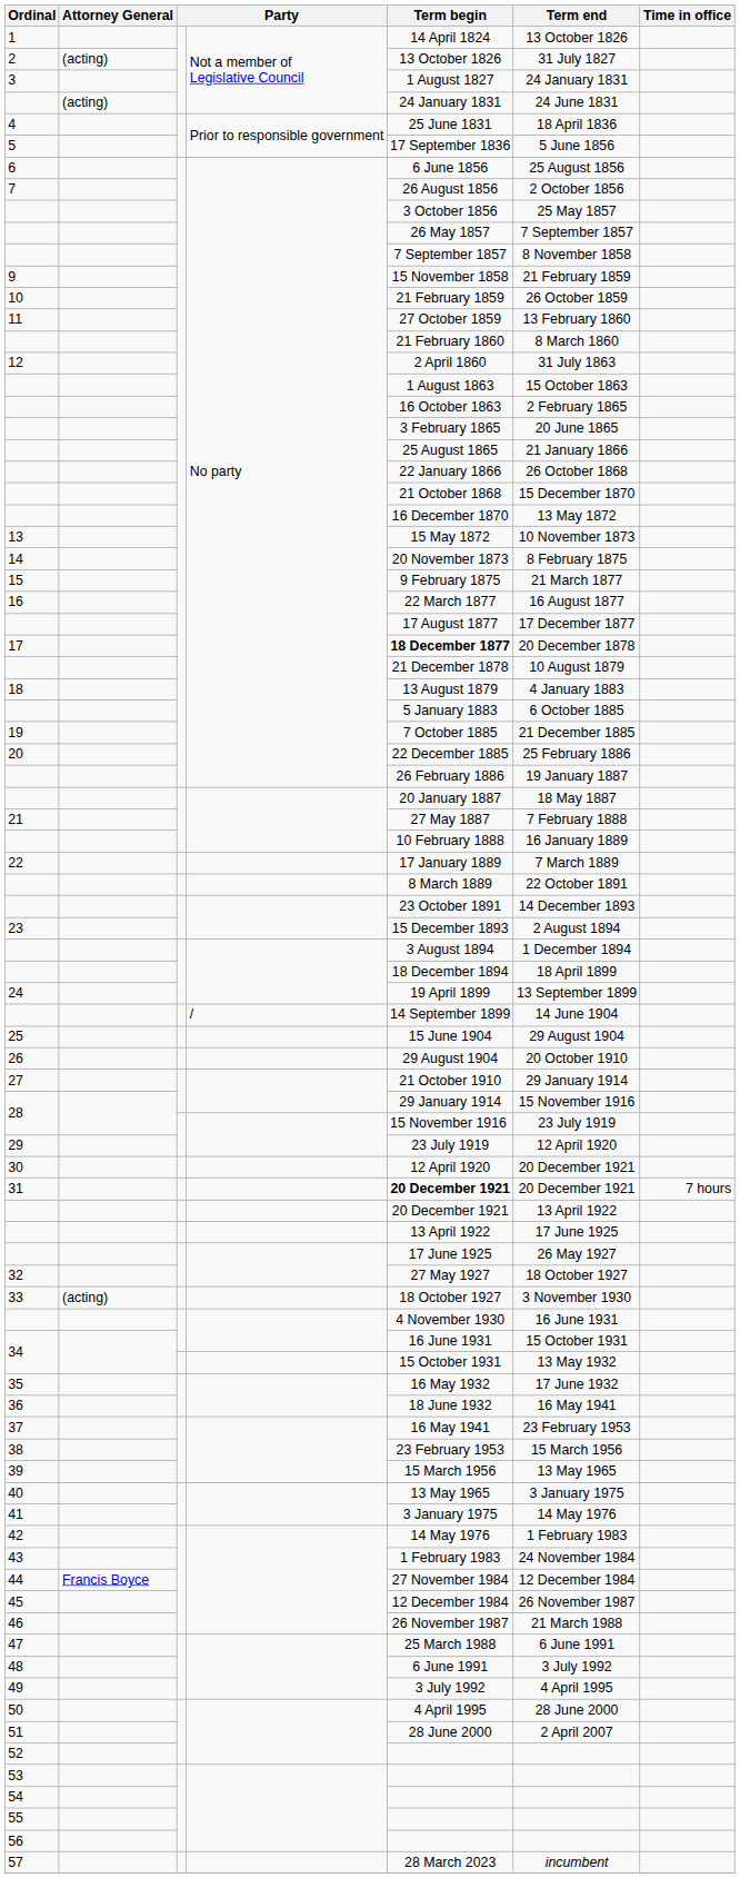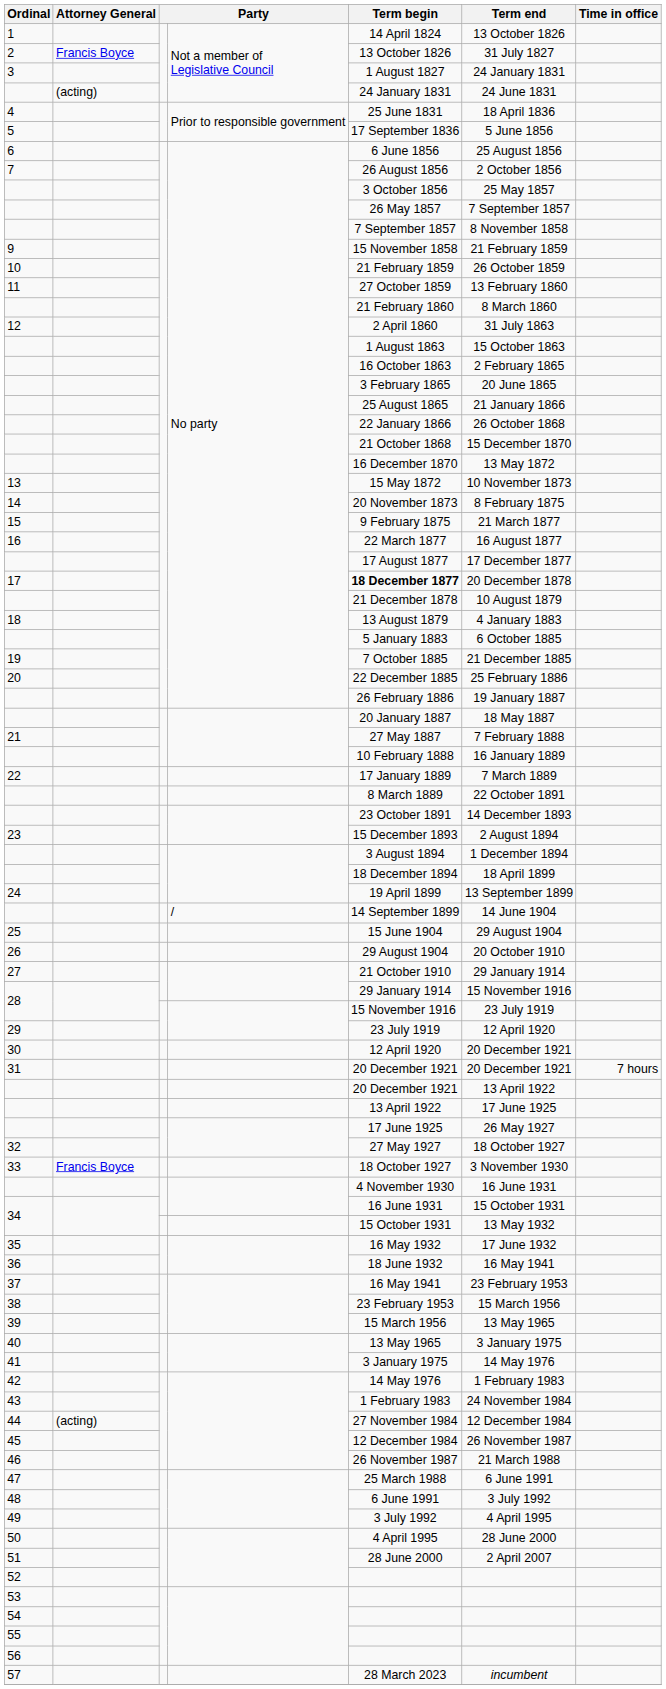 <table class="wikitable sortable">
 <tr>
 <th>Ordinal</th>
 <th>Attorney General</th>
 <th colspan="2">Party</th>
 <th>Term begin</th>
 <th>Term end</th>
 <th>Time in office</th>
 </tr>
 <tr>
 <td>1</td>
 <td></td>
 <td rowspan="4"> </td>
 <td rowspan="4">Not a member of<br><a href='#'>Legislative Council</a></td>
 <td align=center>14 April 1824</td>
 <td align=center>13 October 1826</td>
 <td align=right></td>
 </tr>
 <tr>
 <td>2</td>
-<td> (acting)</td>
+<td><a href='#'>Francis Boyce</a></td>
 <td align=center>13 October 1826</td>
 <td align=center>31 July 1827</td>
 <td align=right></td>
 </tr>
 <tr>
 <td>3</td>
 <td></td>
 <td align=center>1 August 1827</td>
 <td align=center>24 January 1831</td>
 <td align=right></td>
 </tr>
 <tr>
 <td></td>
 <td> (acting)</td>
 <td align=center>24 January 1831</td>
 <td align=center>24 June 1831</td>
 <td align=right></td>
 </tr>
 <tr>
 <td>4</td>
 <td></td>
 <td rowspan="2"> </td>
 <td rowspan="2">Prior to responsible government</td>
 <td align=center>25 June 1831</td>
 <td align=center>18 April 1836</td>
 <td align=right></td>
 </tr>
 <tr>
 <td>5</td>
 <td></td>
 <td align=center>17 September 1836</td>
 <td align=center>5 June 1856</td>
 <td align=right></td>
 </tr>
 <tr>
 <td>6</td>
 <td></td>
 <td rowspan="29"> </td>
 <td rowspan="29">No party</td>
 <td align=center>6 June 1856</td>
 <td align=center>25 August 1856</td>
 <td align=right></td>
 </tr>
 <tr>
 <td>7</td>
 <td></td>
 <td align=center>26 August 1856</td>
 <td align=center>2 October 1856</td>
 <td align=right></td>
 </tr>
 <tr>
 <td></td>
 <td></td>
 <td align=center>3 October 1856</td>
 <td align=center>25 May 1857</td>
 <td align=right></td>
 </tr>
 <tr>
 <td></td>
 <td></td>
 <td align=center>26 May 1857</td>
 <td align=center>7 September 1857</td>
 <td align=right></td>
 </tr>
 <tr>
 <td></td>
 <td> </td>
 <td align=center>7 September 1857</td>
 <td align=center>8 November 1858</td>
 <td align=right></td>
 </tr>
 <tr>
 <td>9</td>
 <td> </td>
 <td align=center>15 November 1858</td>
 <td align=center>21 February 1859</td>
 <td align=right></td>
 </tr>
 <tr>
 <td>10</td>
 <td></td>
 <td align=center>21 February 1859</td>
 <td align=center>26 October 1859</td>
 <td align=right></td>
 </tr>
 <tr>
 <td>11</td>
 <td></td>
 <td align=center>27 October 1859</td>
 <td align=center>13 February 1860</td>
 <td align=right></td>
 </tr>
 <tr>
 <td></td>
 <td> </td>
 <td align=center>21 February 1860</td>
 <td align=center>8 March 1860</td>
 <td align=right></td>
 </tr>
 <tr>
 <td>12</td>
 <td></td>
 <td align=center>2 April 1860</td>
 <td align=center>31 July 1863</td>
 <td align=right></td>
 </tr>
 <tr>
 <td></td>
 <td> </td>
 <td align=center>1 August 1863</td>
 <td align=center>15 October 1863</td>
 <td align=right></td>
 </tr>
 <tr>
 <td></td>
 <td> </td>
 <td align=center>16 October 1863</td>
 <td align=center>2 February 1865</td>
 <td align=right></td>
 </tr>
 <tr>
 <td></td>
 <td> </td>
 <td align=center>3 February 1865</td>
 <td align=center>20 June 1865</td>
 <td align=right></td>
 </tr>
 <tr>
 <td></td>
 <td> </td>
 <td align=center>25 August 1865</td>
 <td align=center>21 January 1866</td>
 <td align=right></td>
 </tr>
 <tr>
 <td></td>
 <td> </td>
 <td align=center>22 January 1866</td>
 <td align=center>26 October 1868</td>
 <td align=right></td>
 </tr>
 <tr>
 <td></td>
 <td> </td>
 <td align=center>21 October 1868</td>
 <td align=center>15 December 1870</td>
 <td align=right></td>
 </tr>
 <tr>
 <td></td>
 <td> </td>
 <td align=center>16 December 1870</td>
 <td align=center>13 May 1872</td>
 <td align=right></td>
 </tr>
 <tr>
 <td>13</td>
 <td></td>
 <td align=center>15 May 1872</td>
 <td align=center>10 November 1873</td>
 <td align=right></td>
 </tr>
 <tr>
 <td>14</td>
 <td></td>
 <td align=center>20 November 1873</td>
 <td align=center>8 February 1875</td>
 <td align=right></td>
 </tr>
 <tr>
 <td>15</td>
 <td></td>
 <td align=center>9 February 1875</td>
 <td align=center>21 March 1877</td>
 <td align=right></td>
 </tr>
 <tr>
 <td>16</td>
 <td></td>
 <td align=center>22 March 1877</td>
 <td align=center>16 August 1877</td>
 <td align=right></td>
 </tr>
 <tr>
 <td></td>
 <td> </td>
 <td align=center>17 August 1877</td>
 <td align=center>17 December 1877</td>
 <td align=right></td>
 </tr>
 <tr>
 <td>17</td>
 <td></td>
 <td align=center><strong>18 December 1877</strong></td>
 <td align=center>20 December 1878</td>
 <td align=right></td>
 </tr>
 <tr>
 <td></td>
 <td></td>
 <td align=center>21 December 1878</td>
 <td align=center>10 August 1879</td>
 <td align=right></td>
 </tr>
 <tr>
 <td>18</td>
 <td></td>
 <td align=center>13 August 1879</td>
 <td align=center>4 January 1883</td>
 <td align=right></td>
 </tr>
 <tr>
 <td></td>
 <td> </td>
 <td align=center>5 January 1883</td>
 <td align=center>6 October 1885</td>
 <td align=right></td>
 </tr>
 <tr>
 <td>19</td>
 <td></td>
 <td align=center>7 October 1885</td>
 <td align=center>21 December 1885</td>
 <td align=right></td>
 </tr>
 <tr>
 <td>20</td>
 <td></td>
 <td align=center>22 December 1885</td>
 <td align=center>25 February 1886</td>
 <td align=right></td>
 </tr>
 <tr>
 <td></td>
 <td></td>
 <td align=center>26 February 1886</td>
 <td align=center>19 January 1887</td>
 <td align=right></td>
 </tr>
 <tr>
 <td></td>
 <td> </td>
 <td rowspan="3" > </td>
 <td rowspan="3"></td>
 <td align=center>20 January 1887</td>
 <td align=center>18 May 1887</td>
 <td align=right></td>
 </tr>
 <tr>
 <td>21</td>
 <td></td>
 <td align=center>27 May 1887</td>
 <td align=center>7 February 1888</td>
 <td align=right></td>
 </tr>
 <tr>
 <td></td>
 <td> </td>
 <td align=center>10 February 1888</td>
 <td align=center>16 January 1889</td>
 <td align=right></td>
 </tr>
 <tr>
 <td>22</td>
 <td></td>
 <td> </td>
 <td></td>
 <td align=center>17 January 1889</td>
 <td align=center>7 March 1889</td>
 <td align=right></td>
 </tr>
 <tr>
 <td></td>
 <td> </td>
 <td> </td>
 <td></td>
 <td align=center>8 March 1889</td>
 <td align=center>22 October 1891</td>
 <td align=right></td>
 </tr>
 <tr>
 <td></td>
 <td> </td>
 <td rowspan="2" > </td>
 <td rowspan="2"></td>
 <td align=center>23 October 1891</td>
 <td align=center>14 December 1893</td>
 <td align=right></td>
 </tr>
 <tr>
 <td>23</td>
 <td></td>
 <td align=center>15 December 1893</td>
 <td align=center>2 August 1894</td>
 <td align=right></td>
 </tr>
 <tr>
 <td></td>
 <td> </td>
 <td rowspan="3" > </td>
 <td rowspan="3"></td>
 <td align=center>3 August 1894</td>
 <td align=center>1 December 1894</td>
 <td align=right></td>
 </tr>
 <tr>
 <td></td>
 <td> </td>
 <td align=center>18 December 1894</td>
 <td align=center>18 April 1899</td>
 <td align=right></td>
 </tr>
 <tr>
 <td>24</td>
 <td> </td>
 <td align=center>19 April 1899</td>
 <td align=center>13 September 1899</td>
 <td align=right></td>
 </tr>
 <tr>
 <td></td>
 <td> </td>
 <td> </td>
 <td> / </td>
 <td align=center>14 September 1899</td>
 <td align=center>14 June 1904</td>
 <td align=right></td>
 </tr>
 <tr>
 <td>25</td>
 <td></td>
 <td> </td>
 <td></td>
 <td align=center>15 June 1904</td>
 <td align=center>29 August 1904</td>
 <td align=right></td>
 </tr>
 <tr>
 <td>26</td>
 <td> </td>
 <td> </td>
 <td></td>
 <td align=center>29 August 1904</td>
 <td align=center>20 October 1910</td>
 <td align=right></td>
 </tr>
 <tr>
 <td>27</td>
 <td></td>
 <td rowspan="2" > </td>
 <td rowspan="2"></td>
 <td align=center>21 October 1910</td>
 <td align=center>29 January 1914</td>
 <td align=right></td>
 </tr>
 <tr>
 <td rowspan="2">28</td>
 <td rowspan="2"></td>
 <td align=center>29 January 1914</td>
 <td align=center>15 November 1916</td>
 <td align=right></td>
 </tr>
 <tr>
 <td rowspan="2" > </td>
 <td rowspan="2"></td>
 <td>15 November 1916</td>
 <td align=center>23 July 1919</td>
 <td align=right></td>
 </tr>
 <tr>
 <td>29</td>
 <td></td>
 <td align=center>23 July 1919</td>
 <td align=center>12 April 1920</td>
 <td align=right></td>
 </tr>
 <tr>
 <td>30</td>
 <td></td>
 <td> </td>
 <td></td>
 <td align=center>12 April 1920</td>
 <td align=center>20 December 1921</td>
 <td align=right></td>
 </tr>
 <tr>
 <td>31</td>
 <td></td>
 <td> </td>
 <td></td>
-<td align=center><strong>20 December 1921</strong></td>
+<td align=center>20 December 1921</td>
 <td align=center>20 December 1921</td>
 <td align=right> 7 hours</td>
 </tr>
 <tr>
 <td></td>
 <td></td>
 <td> </td>
 <td></td>
 <td align=center>20 December 1921</td>
 <td align=center>13 April 1922</td>
 <td align=right></td>
 </tr>
 <tr>
 <td></td>
 <td></td>
 <td> </td>
 <td></td>
 <td align=center>13 April 1922</td>
 <td align=center>17 June 1925</td>
 <td align=right></td>
 </tr>
 <tr>
 <td></td>
 <td></td>
 <td rowspan="2" > </td>
 <td rowspan="2"></td>
 <td align=center>17 June 1925</td>
 <td align=center>26 May 1927</td>
 <td align=right></td>
 </tr>
 <tr>
 <td>32</td>
 <td></td>
 <td align=center>27 May 1927</td>
 <td align=center>18 October 1927</td>
 <td align=right></td>
 </tr>
 <tr>
 <td>33</td>
-<td> (acting)</td>
+<td><a href='#'>Francis Boyce</a></td>
 <td> </td>
 <td></td>
 <td align=center>18 October 1927</td>
 <td align=center>3 November 1930</td>
 <td align=right></td>
 </tr>
 <tr>
 <td></td>
 <td></td>
 <td rowspan="2" > </td>
 <td rowspan="2"></td>
 <td align=center>4 November 1930</td>
 <td align=center>16 June 1931</td>
 <td align=right></td>
 </tr>
 <tr>
 <td rowspan="2">34</td>
 <td rowspan="2"></td>
 <td align=center>16 June 1931</td>
 <td align=center>15 October 1931</td>
 <td align=right></td>
 </tr>
 <tr>
 <td> </td>
 <td></td>
 <td align=center>15 October 1931</td>
 <td align=center>13 May 1932</td>
 <td align=right></td>
 </tr>
 <tr>
 <td>35</td>
 <td></td>
 <td rowspan="2" > </td>
 <td rowspan="2"></td>
 <td align=center>16 May 1932</td>
 <td align=center>17 June 1932</td>
 <td align=right></td>
 </tr>
 <tr>
 <td>36</td>
 <td></td>
 <td align=center>18 June 1932</td>
 <td align=center>16 May 1941</td>
 <td align=right></td>
 </tr>
 <tr>
 <td>37</td>
 <td></td>
 <td rowspan="3" > </td>
 <td rowspan="3"></td>
 <td align=center>16 May 1941</td>
 <td align=center>23 February 1953</td>
 <td align=right><strong></strong></td>
 </tr>
 <tr>
 <td>38</td>
 <td></td>
 <td align=center>23 February 1953</td>
 <td align=center>15 March 1956</td>
 <td align=right></td>
 </tr>
 <tr>
 <td>39</td>
 <td></td>
 <td align=center>15 March 1956</td>
 <td align=center>13 May 1965</td>
 <td align=right></td>
 </tr>
 <tr>
 <td>40</td>
 <td></td>
 <td rowspan="2" > </td>
 <td rowspan="2"></td>
 <td align=center>13 May 1965</td>
 <td align=center>3 January 1975</td>
 <td align=right></td>
 </tr>
 <tr>
 <td>41</td>
 <td></td>
 <td align=center>3 January 1975</td>
 <td align=center>14 May 1976</td>
 <td align=right></td>
 </tr>
 <tr>
 <td>42</td>
 <td></td>
 <td rowspan="5" > </td>
 <td rowspan="5"></td>
 <td align=center>14 May 1976</td>
 <td align=center>1 February 1983</td>
 <td align=right></td>
 </tr>
 <tr>
 <td>43</td>
 <td></td>
 <td align=center>1 February 1983</td>
 <td align=center>24 November 1984</td>
 <td align=right></td>
 </tr>
 <tr>
 <td>44</td>
-<td><a href='#'>Francis Boyce</a></td>
+<td> (acting)</td>
 <td align=center>27 November 1984</td>
 <td align=center>12 December 1984</td>
 <td align=right></td>
 </tr>
 <tr>
 <td>45</td>
 <td></td>
 <td align=center>12 December 1984</td>
 <td align=center>26 November 1987</td>
 <td align=right></td>
 </tr>
 <tr>
 <td>46</td>
 <td></td>
 <td align=center>26 November 1987</td>
 <td align=center>21 March 1988</td>
 <td align=right></td>
 </tr>
 <tr>
 <td>47</td>
 <td></td>
 <td rowspan="3" > </td>
 <td rowspan="3"></td>
 <td align=center>25 March 1988</td>
 <td align=center>6 June 1991</td>
 <td align=right></td>
 </tr>
 <tr>
 <td>48</td>
 <td></td>
 <td align=center>6 June 1991</td>
 <td align=center>3 July 1992</td>
 <td align=right></td>
 </tr>
 <tr>
 <td>49</td>
 <td></td>
 <td align=center>3 July 1992</td>
 <td align=center>4 April 1995</td>
 <td align=right></td>
 </tr>
 <tr>
 <td>50</td>
 <td></td>
 <td rowspan="3" > </td>
 <td rowspan="3"></td>
 <td align=center>4 April 1995</td>
 <td align=center>28 June 2000</td>
 <td align=right></td>
 </tr>
 <tr>
 <td>51</td>
 <td></td>
 <td align=center>28 June 2000</td>
 <td align=center>2 April 2007</td>
 <td align=right></td>
 </tr>
 <tr>
 <td>52</td>
 <td></td>
 <td align=center></td>
 <td align=center></td>
 <td align=right></td>
 </tr>
 <tr>
 <td>53</td>
 <td></td>
 <td rowspan="4" > </td>
 <td rowspan="4"></td>
 <td align=center></td>
 <td align=center></td>
 <td align=right></td>
 </tr>
 <tr>
 <td>54</td>
 <td></td>
 <td align=center></td>
 <td align=center></td>
 <td align=right></td>
 </tr>
 <tr>
 <td>55</td>
 <td></td>
 <td align=center></td>
 <td align=center></td>
 <td align=right></td>
 </tr>
 <tr>
 <td>56</td>
 <td> </td>
 <td align=center></td>
 <td align=center></td>
 <td align=right></td>
 </tr>
 <tr>
 <td>57</td>
 <td></td>
 <td> </td>
 <td></td>
 <td align=center>28 March 2023</td>
 <td align=center><em>incumbent</em></td>
 <td align=right></td>
 </tr>
 <tr>
 </tr>
 </table>
